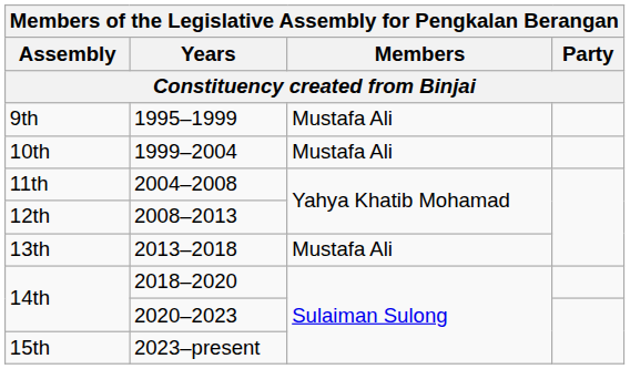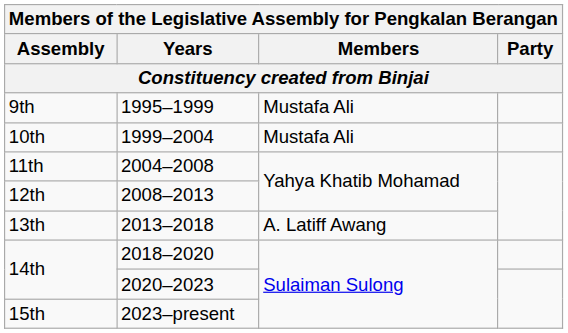 <table class="wikitable">
 <tr>
 <th colspan="4">Members of the Legislative Assembly for Pengkalan Berangan</th>
 </tr>
 <tr>
 <th>Assembly</th>
 <th>Years</th>
 <th>Members</th>
 <th>Party</th>
 </tr>
 <tr>
 <th colspan="4"><em>Constituency created from Binjai</em></th>
 </tr>
 <tr>
 <td>9th</td>
 <td>1995–1999</td>
 <td>Mustafa Ali</td>
 <td></td>
 </tr>
 <tr>
 <td>10th</td>
 <td>1999–2004</td>
 <td>Mustafa Ali</td>
 <td></td>
 </tr>
 <tr>
 <td>11th</td>
 <td>2004–2008</td>
 <td rowspan="2">Yahya Khatib Mohamad</td>
 <td rowspan="3"></td>
 </tr>
 <tr>
 <td>12th</td>
 <td>2008–2013</td>
 </tr>
 <tr>
 <td>13th</td>
 <td>2013–2018</td>
-<td>Mustafa Ali</td>
+<td>A. Latiff Awang</td>
 </tr>
 <tr>
 <td rowspan="2">14th</td>
 <td>2018–2020</td>
 <td rowspan="3"><a href='#'>Sulaiman Sulong</a></td>
 <td></td>
 </tr>
 <tr>
 <td>2020–2023</td>
 <td rowspan=2></td>
 </tr>
 <tr>
 <td>15th</td>
 <td>2023–present</td>
 </tr>
 </table>
